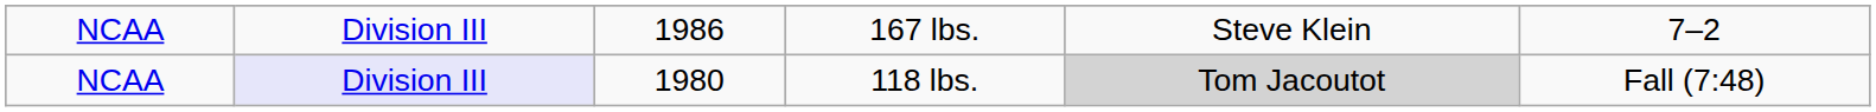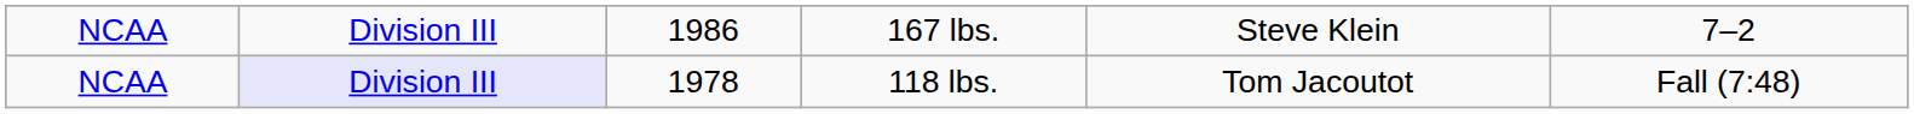 <table class="wikitable" width="75%">
 <tr align="center">
 <td><a href='#'>NCAA</a></td>
 <td><a href='#'>Division III</a></td>
 <td>1986</td>
 <td>167 lbs.</td>
 <td>Steve Klein</td>
 <td>7–2</td>
 </tr>
 <tr align="center">
 <td><a href='#'>NCAA</a></td>
 <td style="background: lavender;"><a href='#'>Division III</a></td>
-<td>1980</td>
+<td>1978</td>
 <td>118 lbs.</td>
-<td style="background: lightgrey;">Tom Jacoutot</td>
+<td>Tom Jacoutot</td>
 <td>Fall (7:48)</td>
 </tr>
 </table>
